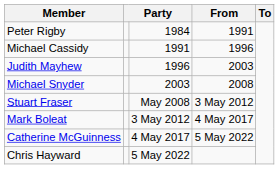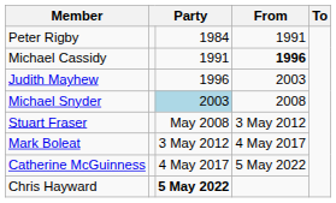 <table class=wikitable>
 <tr>
 <th>Member</th>
 <th colspan=2>Party</th>
 <th>From</th>
 <th>To</th>
 </tr>
 <tr>
 <td>Peter Rigby</td>
 <td></td>
 <td align=right>1984</td>
 <td align=right>1991</td>
 </tr>
 <tr>
 <td>Michael Cassidy</td>
 <td></td>
 <td align=right>1991</td>
-<td align=right>1996</td>
+<td align=right><strong>1996</strong></td>
 </tr>
 <tr>
 <td><a href='#'>Judith Mayhew</a></td>
 <td></td>
 <td align=right>1996</td>
 <td align=right>2003</td>
 </tr>
 <tr>
 <td><a href='#'>Michael Snyder</a></td>
 <td></td>
-<td align=right>2003</td>
+<td align=right style="background: lightblue;">2003</td>
 <td align=right>2008</td>
 </tr>
 <tr>
 <td><a href='#'>Stuart Fraser</a></td>
 <td></td>
 <td align=right>May 2008</td>
 <td align=right>3 May 2012</td>
 </tr>
 <tr>
 <td><a href='#'>Mark Boleat</a></td>
 <td></td>
 <td align=right>3 May 2012</td>
 <td align=right>4 May 2017</td>
 </tr>
 <tr>
 <td><a href='#'>Catherine McGuinness</a></td>
 <td></td>
 <td align=right>4 May 2017</td>
 <td align=right>5 May 2022</td>
 </tr>
 <tr>
 <td>Chris Hayward</td>
 <td></td>
-<td align=right>5 May 2022</td>
+<td align=right><strong>5 May 2022</strong></td>
 <td></td>
 </tr>
 </table>
